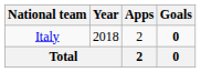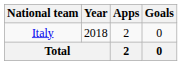 <table class="wikitable" style="text-align:center">
 <tr>
 <th>National team</th>
 <th>Year</th>
 <th>Apps</th>
 <th>Goals</th>
 </tr>
 <tr>
 <td><a href='#'>Italy</a></td>
 <td>2018</td>
 <td>2</td>
-<td><strong>0</strong></td>
+<td>0</td>
 </tr>
 <tr>
 <th colspan=2>Total</th>
 <th>2</th>
 <th>0</th>
 </tr>
 </table>
